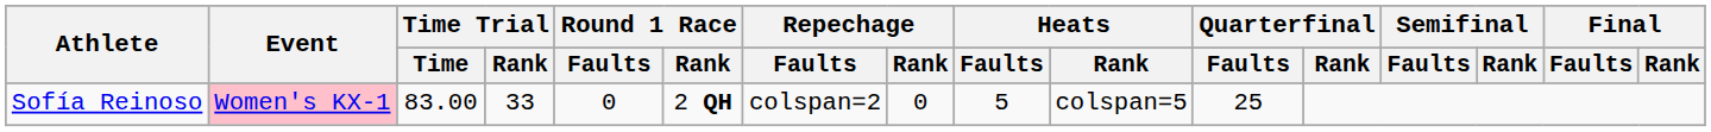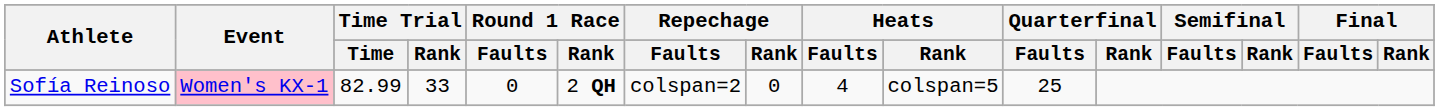 <table class="wikitable" style="font-size:90%">
 <tr>
 <th rowspan=2>Athlete</th>
 <th rowspan=2>Event</th>
 <th colspan=2>Time Trial</th>
 <th colspan=2>Round 1 Race</th>
 <th colspan=2>Repechage</th>
 <th colspan=2>Heats</th>
 <th colspan=2>Quarterfinal</th>
 <th colspan=2>Semifinal</th>
 <th colspan=2>Final</th>
 </tr>
 <tr style="font-size:95%">
 <th>Time</th>
 <th>Rank</th>
 <th>Faults</th>
 <th>Rank</th>
 <th>Faults</th>
 <th>Rank</th>
 <th>Faults</th>
 <th>Rank</th>
 <th>Faults</th>
 <th>Rank</th>
 <th>Faults</th>
 <th>Rank</th>
 <th>Faults</th>
 <th>Rank</th>
 </tr>
 <tr align=center>
 <td align=left><a href='#'>Sofía Reinoso</a></td>
 <td align=left style="background: pink;"><a href='#'>Women's KX-1</a></td>
-<td>83.00</td>
+<td>82.99</td>
 <td>33</td>
 <td>0</td>
 <td>2 <strong>QH</strong></td>
 <td>colspan=2</td>
 <td>0</td>
-<td>5</td>
+<td>4</td>
 <td>colspan=5</td>
 <td>25</td>
 </tr>
 </table>
